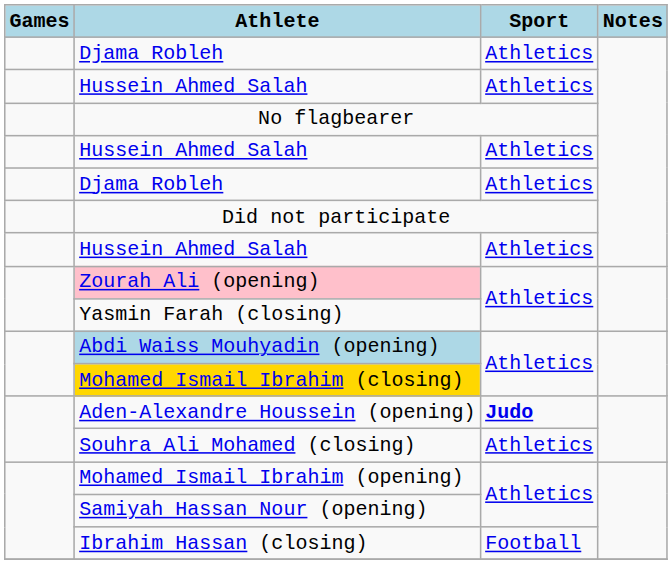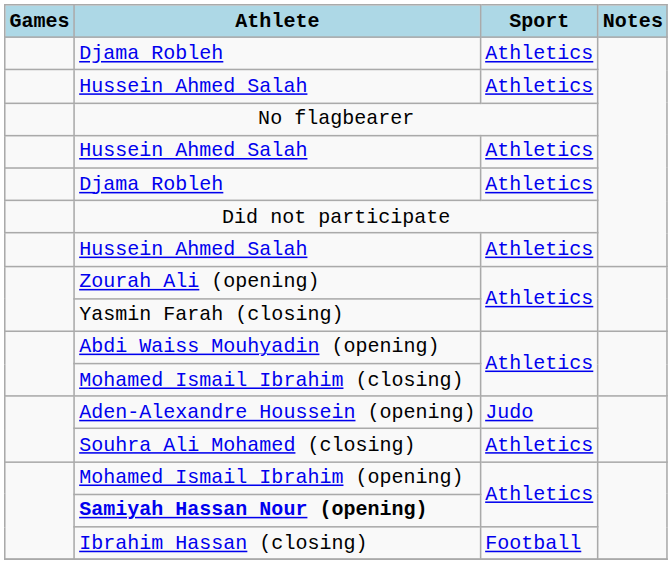 <table class="wikitable" style="text-align:left">
 <tr>
 <th style="background-color:lightblue">Games</th>
 <th style="background-color:lightblue">Athlete</th>
 <th style="background-color:lightblue">Sport</th>
 <th style="background-color:lightblue">Notes</th>
 </tr>
 <tr>
 <td></td>
 <td><a href='#'>Djama Robleh</a></td>
 <td><a href='#'>Athletics</a></td>
 <td rowspan=7 align=center></td>
 </tr>
 <tr>
 <td></td>
 <td><a href='#'>Hussein Ahmed Salah</a></td>
 <td><a href='#'>Athletics</a></td>
 </tr>
 <tr>
 <td></td>
 <td colspan=2 align=center>No flagbearer</td>
 </tr>
 <tr>
 <td></td>
 <td><a href='#'>Hussein Ahmed Salah</a></td>
 <td><a href='#'>Athletics</a></td>
 </tr>
 <tr>
 <td></td>
 <td><a href='#'>Djama Robleh</a></td>
 <td><a href='#'>Athletics</a></td>
 </tr>
 <tr>
 <td></td>
 <td colspan=2 align=center>Did not participate</td>
 </tr>
 <tr>
 <td></td>
 <td><a href='#'>Hussein Ahmed Salah</a></td>
 <td><a href='#'>Athletics</a></td>
 </tr>
 <tr>
 <td rowspan="2"></td>
-<td style="background: pink;"><a href='#'>Zourah Ali</a> (opening)</td>
+<td><a href='#'>Zourah Ali</a> (opening)</td>
 <td rowspan="2"><a href='#'>Athletics</a></td>
 <td rowspan="2" align=center></td>
 </tr>
 <tr>
 <td>Yasmin Farah (closing)</td>
 </tr>
 <tr>
 <td rowspan="2"></td>
-<td style="background: lightblue;"><a href='#'>Abdi Waiss Mouhyadin</a> (opening)</td>
+<td><a href='#'>Abdi Waiss Mouhyadin</a> (opening)</td>
 <td rowspan="2"><a href='#'>Athletics</a></td>
 <td rowspan="2" align=center></td>
 </tr>
 <tr>
-<td style="background: gold;"><a href='#'>Mohamed Ismail Ibrahim</a> (closing)</td>
+<td><a href='#'>Mohamed Ismail Ibrahim</a> (closing)</td>
 </tr>
 <tr>
 <td rowspan="2"></td>
 <td><a href='#'>Aden-Alexandre Houssein</a> (opening)</td>
-<td><strong><a href='#'>Judo</a></strong></td>
+<td><a href='#'>Judo</a></td>
 <td rowspan="2" align=center></td>
 </tr>
 <tr>
 <td><a href='#'>Souhra Ali Mohamed</a> (closing)</td>
 <td><a href='#'>Athletics</a></td>
 </tr>
 <tr>
 <td rowspan="3"></td>
 <td><a href='#'>Mohamed Ismail Ibrahim</a> (opening)</td>
 <td rowspan="2"><a href='#'>Athletics</a></td>
 <td rowspan="3" align=center><br></td>
 </tr>
 <tr>
-<td><a href='#'>Samiyah Hassan Nour</a> (opening)</td>
+<td><strong><a href='#'>Samiyah Hassan Nour</a> (opening)</strong></td>
 </tr>
 <tr>
 <td><a href='#'>Ibrahim Hassan</a> (closing)</td>
 <td><a href='#'>Football</a></td>
 </tr>
 <tr>
 </tr>
 </table>
